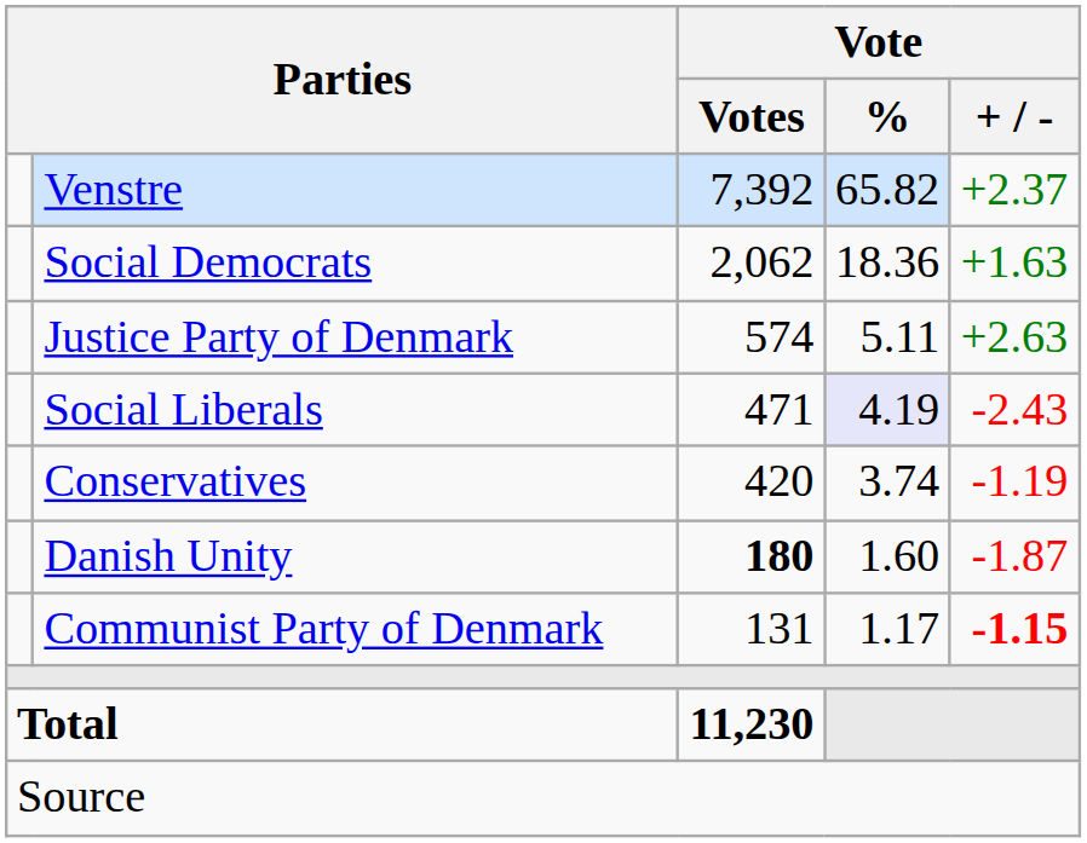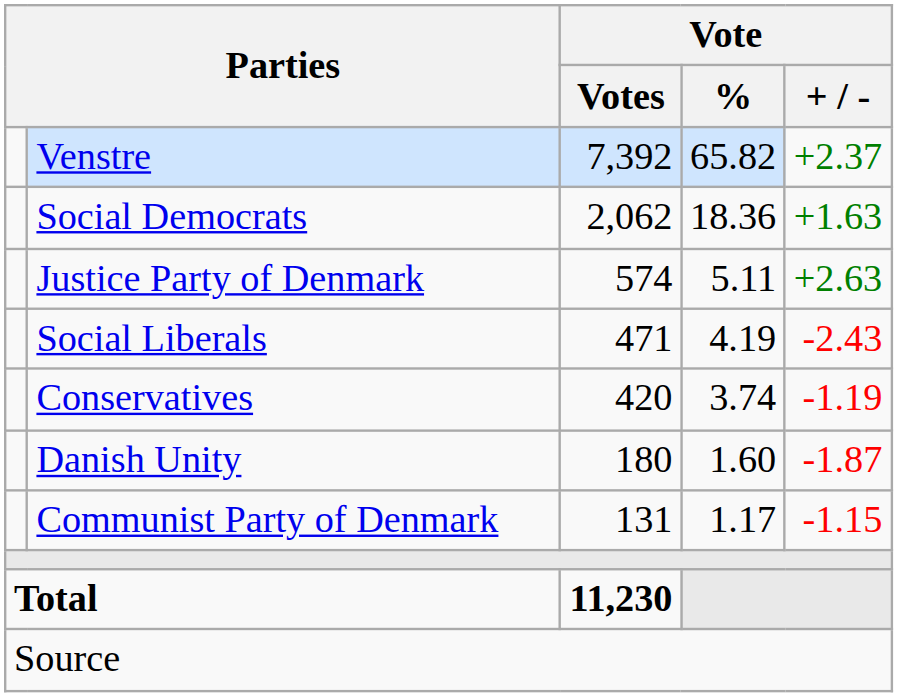 <table class="wikitable" style="text-align:right;">
 <tr>
 <th style="text-align:centre;" rowspan="2" colspan="2" width="225">Parties</th>
 <th colspan="3">Vote</th>
 </tr>
 <tr>
 <th width="15">Votes</th>
 <th width="15">%</th>
 <th width="15">+ / -</th>
 </tr>
 <tr>
 <td width="2" style="color:inherit;background:"></td>
 <td bgcolor=#cfe5fe  align="left"><a href='#'>Venstre</a></td>
 <td bgcolor=#cfe5fe>7,392</td>
 <td bgcolor=#cfe5fe>65.82</td>
 <td style=color:green;>+2.37</td>
 </tr>
 <tr>
 <td width="2" style="color:inherit;background:"></td>
 <td align="left"><a href='#'>Social Democrats</a></td>
 <td>2,062</td>
 <td>18.36</td>
 <td style=color:green;>+1.63</td>
 </tr>
 <tr>
 <td width="2" style="color:inherit;background:"></td>
 <td align="left"><a href='#'>Justice Party of Denmark</a></td>
 <td>574</td>
 <td>5.11</td>
 <td style=color:green;>+2.63</td>
 </tr>
 <tr>
 <td width="2" style="color:inherit;background:"></td>
 <td align="left"><a href='#'>Social Liberals</a></td>
 <td>471</td>
-<td style="background: lavender;">4.19</td>
+<td>4.19</td>
 <td style=color:red;>-2.43</td>
 </tr>
 <tr>
 <td width="2" style="color:inherit;background:"></td>
 <td align="left"><a href='#'>Conservatives</a></td>
 <td>420</td>
 <td>3.74</td>
 <td style=color:red;>-1.19</td>
 </tr>
 <tr>
 <td width="2" style="color:inherit;background:"></td>
 <td align="left"><a href='#'>Danish Unity</a></td>
-<td><strong>180</strong></td>
+<td>180</td>
 <td>1.60</td>
 <td style=color:red;>-1.87</td>
 </tr>
 <tr>
 <td width="2" style="color:inherit;background:"></td>
 <td align="left"><a href='#'>Communist Party of Denmark</a></td>
 <td>131</td>
 <td>1.17</td>
-<td style=color:red;><strong>-1.15</strong></td>
+<td style=color:red;>-1.15</td>
 </tr>
 <tr>
 <td colspan="7" bgcolor="#E9E9E9"></td>
 </tr>
 <tr>
 <td align="left" colspan="2"><strong>Total</strong></td>
 <td><strong>11,230</strong></td>
 <td bgcolor="#E9E9E9" colspan="2"></td>
 </tr>
 <tr>
 <td align="left" colspan="6">Source</td>
 </tr>
 </table>
